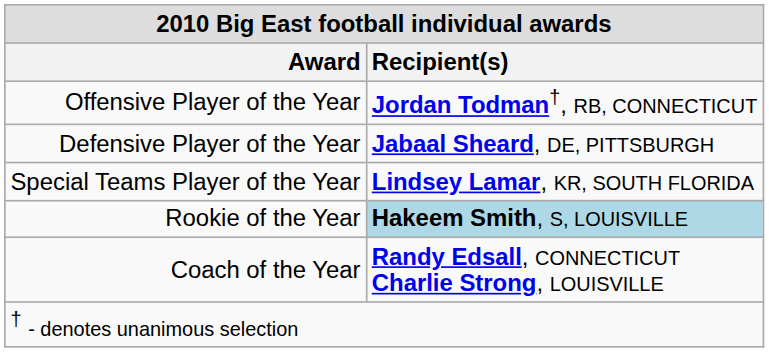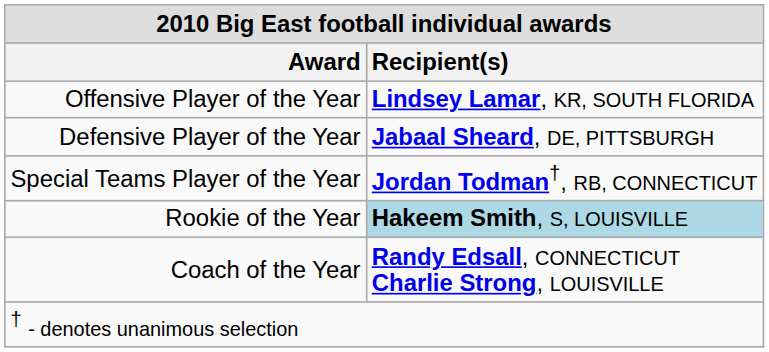 <table class="wikitable" style="white-space:nowrap; font-size:90%;">
 <tr>
 <td colspan="7" style="text-align:center; background:#ddd;"><strong>2010 Big East football individual awards</strong></td>
 </tr>
 <tr>
 <th style="text-align:right;">Award</th>
 <th style="text-align:left;">Recipient(s)</th>
 </tr>
 <tr>
 <td style="text-align:right;">Offensive Player of the Year</td>
-<td style="text-align:left;"><strong><a href='#'>Jordan Todman</a></strong><sup>†</sup>, <small>RB, CONNECTICUT</small><br></td>
+<td style="text-align:left;"><strong><a href='#'>Lindsey Lamar</a></strong>, <small>KR, SOUTH FLORIDA</small><br></td>
 </tr>
 <tr>
 <td style="text-align:right;">Defensive Player of the Year</td>
 <td style="text-align:left;"><strong><a href='#'>Jabaal Sheard</a></strong>, <small>DE, PITTSBURGH</small><br></td>
 </tr>
 <tr>
 <td style="text-align:right;">Special Teams Player of the Year</td>
-<td style="text-align:left;"><strong><a href='#'>Lindsey Lamar</a></strong>, <small>KR, SOUTH FLORIDA</small><br></td>
+<td style="text-align:left;"><strong><a href='#'>Jordan Todman</a></strong><sup>†</sup>, <small>RB, CONNECTICUT</small><br></td>
 </tr>
 <tr>
 <td style="text-align:right;">Rookie of the Year</td>
 <td style="background: lightblue; text-align:left;"><strong>Hakeem Smith</strong>, <small>S, LOUISVILLE</small><br></td>
 </tr>
 <tr>
 <td style="text-align:right;">Coach of the Year</td>
 <td style="text-align:left;"><strong><a href='#'>Randy Edsall</a></strong>, <small>CONNECTICUT</small><br><strong><a href='#'>Charlie Strong</a></strong>, <small>LOUISVILLE</small><br></td>
 </tr>
 <tr>
 <td colspan="2" style="text-align:left;"><sup>†</sup> <small>- denotes unanimous selection</small></td>
 </tr>
 </table>
